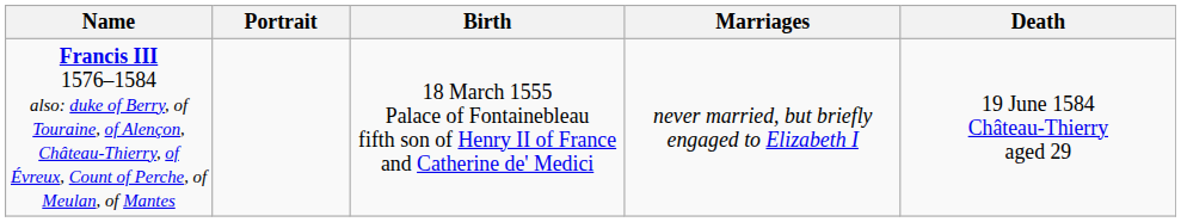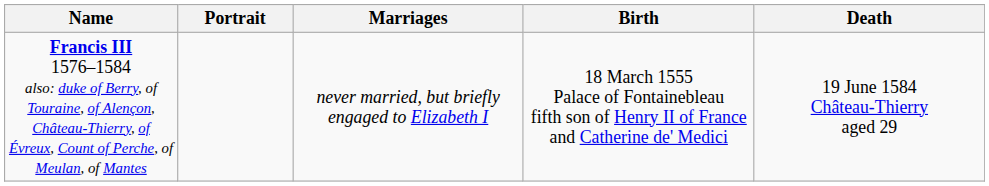 <table style="text-align:center; width:100%" class="wikitable">
 <tr>
 <th style="width:15%;">Name</th>
 <th style="width:10%;">Portrait</th>
+<th style="width:20%;">Marriages</th>
 <th style="width:20%;">Birth</th>
-<th style="width:20%;">Marriages</th>
 <th style="width:20%;">Death</th>
 </tr>
 <tr>
 <td width=auto><strong><a href='#'>Francis III</a></strong><br>1576–1584<br><em><small>also: <a href='#'>duke of Berry</a>, of <a href='#'>Touraine</a>, <a href='#'>of Alençon</a>, <a href='#'>Château-Thierry</a>, <a href='#'>of Évreux</a>, <a href='#'>Count of Perche</a>, of <a href='#'>Meulan</a>, of <a href='#'>Mantes</a></small></em></td>
 <td></td>
+<td><em>never married, but briefly engaged to <a href='#'>Elizabeth I</a></em></td>
 <td>18 March 1555<br>Palace of Fontainebleau<br>fifth son of <a href='#'>Henry II of France</a> and <a href='#'>Catherine de' Medici</a></td>
-<td><em>never married, but briefly engaged to <a href='#'>Elizabeth I</a></em></td>
 <td>19 June 1584<br><a href='#'>Château-Thierry</a><br>aged 29</td>
 </tr>
 </table>
